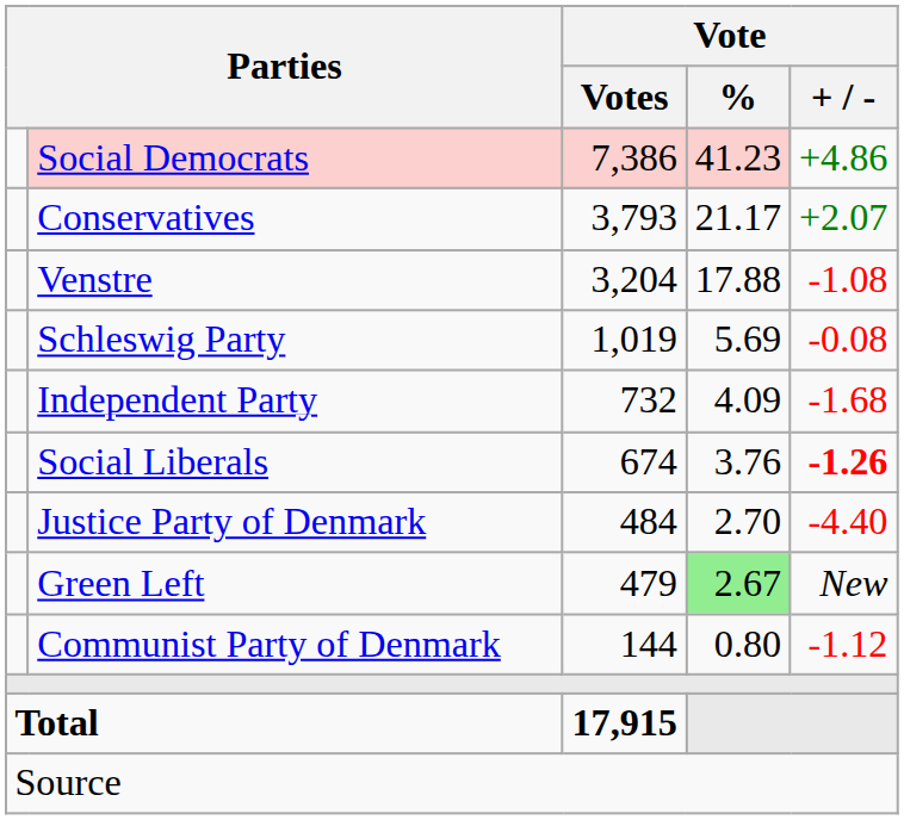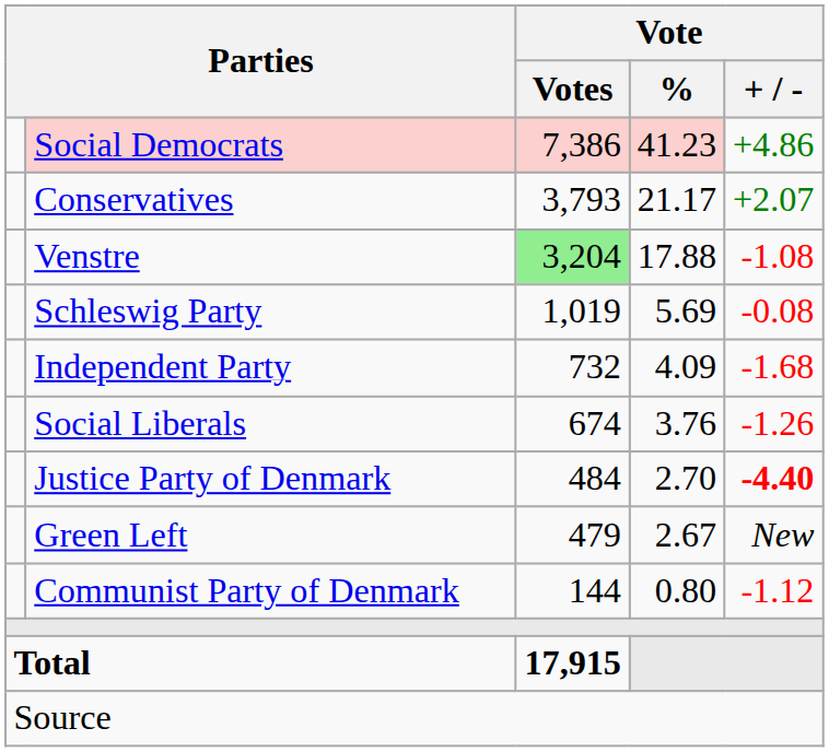 <table class="wikitable" style="text-align:right;">
 <tr>
 <th style="text-align:centre;" rowspan="2" colspan="2" width="225">Parties</th>
 <th colspan="3">Vote</th>
 </tr>
 <tr>
 <th width="15">Votes</th>
 <th width="15">%</th>
 <th width="15">+ / -</th>
 </tr>
 <tr>
 <td width="2" style="color:inherit;background:"></td>
 <td bgcolor=#fbd0ce  align="left"><a href='#'>Social Democrats</a></td>
 <td bgcolor=#fbd0ce>7,386</td>
 <td bgcolor=#fbd0ce>41.23</td>
 <td style=color:green;>+4.86</td>
 </tr>
 <tr>
 <td width="2" style="color:inherit;background:"></td>
 <td align="left"><a href='#'>Conservatives</a></td>
 <td>3,793</td>
 <td>21.17</td>
 <td style=color:green;>+2.07</td>
 </tr>
 <tr>
 <td width="2" style="color:inherit;background:"></td>
 <td align="left"><a href='#'>Venstre</a></td>
-<td>3,204</td>
+<td style="background: lightgreen;">3,204</td>
 <td>17.88</td>
 <td style=color:red;>-1.08</td>
 </tr>
 <tr>
 <td width="2" style="color:inherit;background:"></td>
 <td align="left"><a href='#'>Schleswig Party</a></td>
 <td>1,019</td>
 <td>5.69</td>
 <td style=color:red;>-0.08</td>
 </tr>
 <tr>
 <td width="2" style="color:inherit;background:"></td>
 <td align="left"><a href='#'>Independent Party</a></td>
 <td>732</td>
 <td>4.09</td>
 <td style=color:red;>-1.68</td>
 </tr>
 <tr>
 <td width="2" style="color:inherit;background:"></td>
 <td align="left"><a href='#'>Social Liberals</a></td>
 <td>674</td>
 <td>3.76</td>
-<td style=color:red;><strong>-1.26</strong></td>
+<td style=color:red;>-1.26</td>
 </tr>
 <tr>
 <td width="2" style="color:inherit;background:"></td>
 <td align="left"><a href='#'>Justice Party of Denmark</a></td>
 <td>484</td>
 <td>2.70</td>
-<td style=color:red;>-4.40</td>
+<td style=color:red;><strong>-4.40</strong></td>
 </tr>
 <tr>
 <td width="2" style="color:inherit;background:"></td>
 <td align="left"><a href='#'>Green Left</a></td>
 <td>479</td>
-<td style="background: lightgreen;">2.67</td>
+<td>2.67</td>
 <td><em>New</em></td>
 </tr>
 <tr>
 <td width="2" style="color:inherit;background:"></td>
 <td align="left"><a href='#'>Communist Party of Denmark</a></td>
 <td>144</td>
 <td>0.80</td>
 <td style=color:red;>-1.12</td>
 </tr>
 <tr>
 <td colspan="7" bgcolor="#E9E9E9"></td>
 </tr>
 <tr>
 <td align="left" colspan="2"><strong>Total</strong></td>
 <td><strong>17,915</strong></td>
 <td bgcolor="#E9E9E9" colspan="2"></td>
 </tr>
 <tr>
 <td align="left" colspan="6">Source</td>
 </tr>
 </table>
